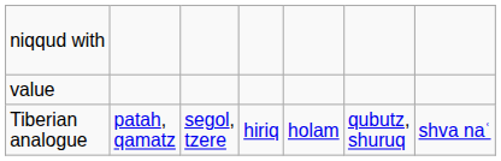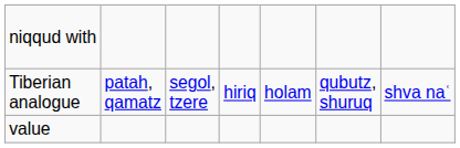 <table class="wikitable" style="font-size: 95%;" style="text-align:center;">
 <tr>
 <td>niqqud with </td>
 <td style="font-family: 'david'; font-size:250%" height=40 valign=top></td>
 <td style="font-family: 'david'; font-size:250%" height=40 valign=top></td>
 <td style="font-family: 'david'; font-size:250%" height=40 valign=top></td>
 <td style="font-family: 'david'; font-size:250%" height=40 valign=top></td>
 <td style="font-family: 'david'; font-size:250%" height=40 valign=top></td>
 <td style="font-family: 'david'; font-size:250%" height=40 valign=top></td>
 </tr>
 <tr>
+<td>Tiberian<br>analogue</td>
+<td><a href='#'>patah</a>,<br><a href='#'>qamatz</a></td>
+<td><a href='#'>segol</a>,<br><a href='#'>tzere</a></td>
+<td><a href='#'>hiriq</a></td>
+<td><a href='#'>holam</a></td>
+<td><a href='#'>qubutz</a>,<br><a href='#'>shuruq</a></td>
+<td><a href='#'>shva naʿ</a></td>
+</tr>
+<tr>
 <td>value</td>
 <td></td>
 <td></td>
 <td></td>
 <td></td>
 <td></td>
 <td></td>
 </tr>
-<tr>
-<td>Tiberian<br>analogue</td>
-<td><a href='#'>patah</a>,<br><a href='#'>qamatz</a></td>
-<td><a href='#'>segol</a>,<br><a href='#'>tzere</a></td>
-<td><a href='#'>hiriq</a></td>
-<td><a href='#'>holam</a></td>
-<td><a href='#'>qubutz</a>,<br><a href='#'>shuruq</a></td>
-<td><a href='#'>shva naʿ</a></td>
-</tr>
 </table>
